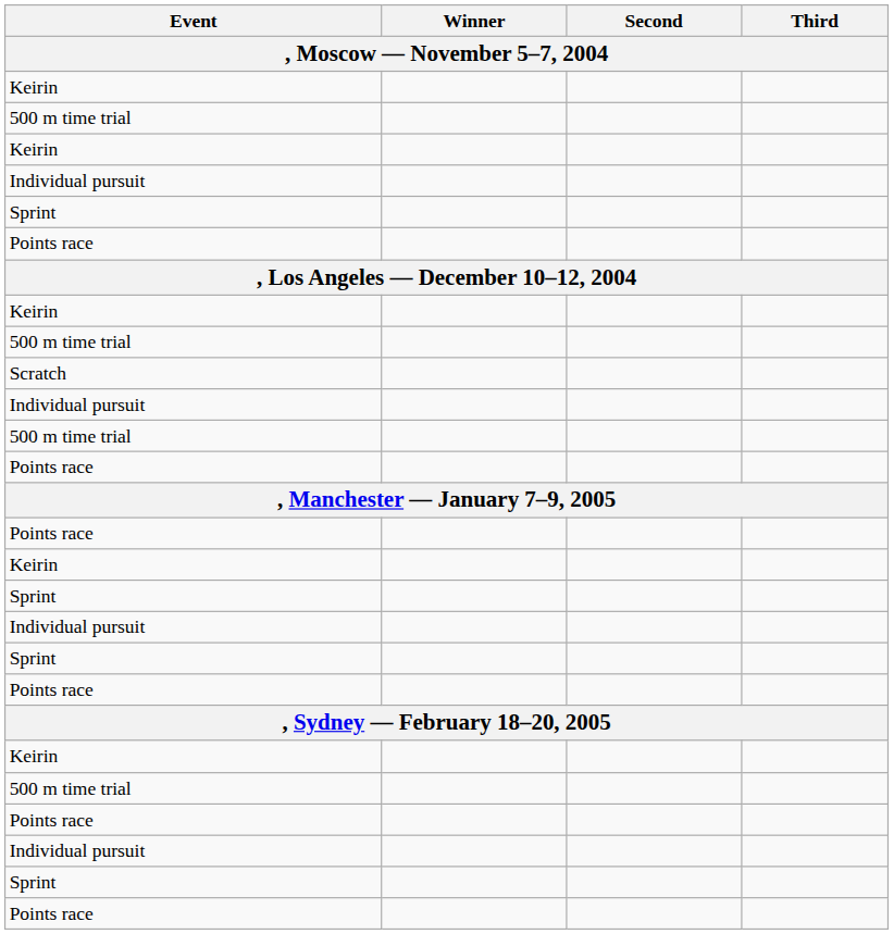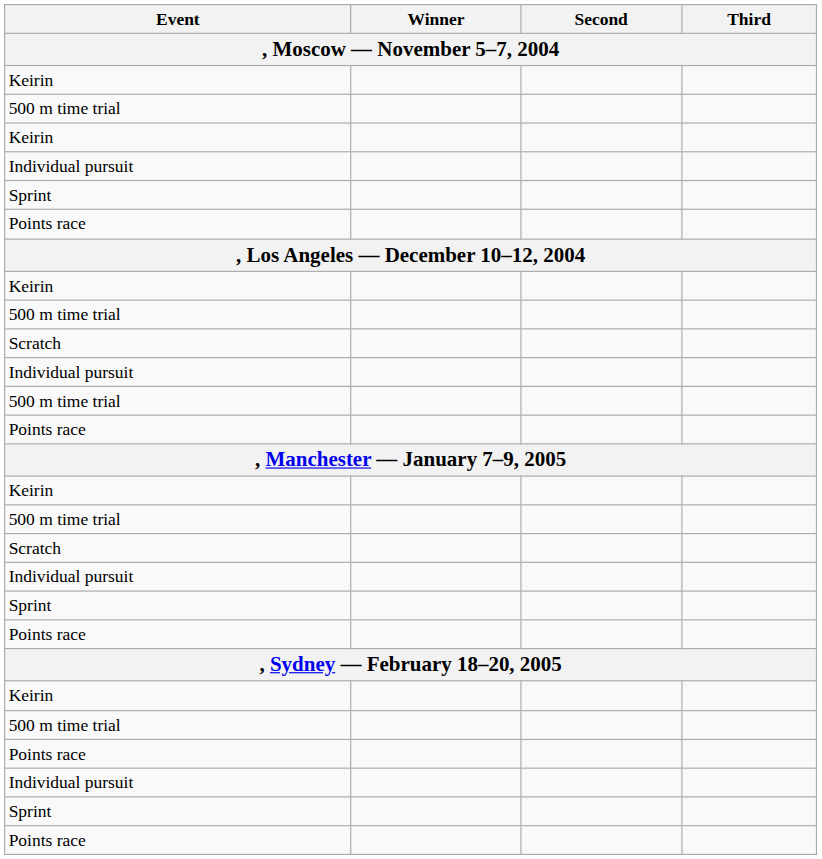 <table class=wikitable style="font-size:95%" width="80%">
 <tr>
 <th>Event</th>
 <th>Winner</th>
 <th>Second</th>
 <th>Third</th>
 </tr>
 <tr>
 <th colspan=4><big>, Moscow — November 5–7, 2004</big></th>
 </tr>
 <tr>
 <td>Keirin</td>
 <td></td>
 <td></td>
 <td></td>
 </tr>
 <tr>
 <td>500 m time trial</td>
 <td></td>
 <td></td>
 <td></td>
 </tr>
 <tr>
 <td>Keirin</td>
 <td></td>
 <td></td>
 <td></td>
 </tr>
 <tr>
 <td>Individual pursuit</td>
 <td></td>
 <td></td>
 <td></td>
 </tr>
 <tr>
 <td>Sprint</td>
 <td></td>
 <td></td>
 <td></td>
 </tr>
 <tr>
 <td>Points race</td>
 <td></td>
 <td></td>
 <td></td>
 </tr>
 <tr>
 <th colspan=4><big>, Los Angeles — December 10–12, 2004</big></th>
 </tr>
 <tr>
 <td>Keirin</td>
 <td></td>
 <td></td>
 <td></td>
 </tr>
 <tr>
 <td>500 m time trial</td>
 <td></td>
 <td></td>
 <td></td>
 </tr>
 <tr>
 <td>Scratch</td>
 <td></td>
 <td></td>
 <td></td>
 </tr>
 <tr>
 <td>Individual pursuit</td>
 <td></td>
 <td></td>
 <td></td>
 </tr>
 <tr>
 <td>500 m time trial</td>
 <td></td>
 <td></td>
 <td></td>
 </tr>
 <tr>
 <td>Points race</td>
 <td></td>
 <td></td>
 <td></td>
 </tr>
 <tr>
 <th colspan=4><big>, <a href='#'>Manchester</a> — January 7–9, 2005</big></th>
 </tr>
 <tr>
-<td>Points race</td>
-<td></td>
-<td></td>
-<td></td>
-</tr>
-<tr>
 <td>Keirin</td>
 <td></td>
 <td></td>
 <td></td>
 </tr>
 <tr>
-<td>Sprint</td>
+<td>500 m time trial</td>
+<td></td>
+<td></td>
+<td></td>
+</tr>
+<tr>
+<td>Scratch</td>
 <td></td>
 <td></td>
 <td></td>
 </tr>
 <tr>
 <td>Individual pursuit</td>
 <td></td>
 <td></td>
 <td></td>
 </tr>
 <tr>
 <td>Sprint</td>
 <td></td>
 <td></td>
 <td></td>
 </tr>
 <tr>
 <td>Points race</td>
 <td></td>
 <td></td>
 <td></td>
 </tr>
 <tr>
 <th colspan=4><big>, <a href='#'>Sydney</a> — February 18–20, 2005</big></th>
 </tr>
 <tr>
 <td>Keirin</td>
 <td></td>
 <td></td>
 <td></td>
 </tr>
 <tr>
 <td>500 m time trial</td>
 <td></td>
 <td></td>
 <td></td>
 </tr>
 <tr>
 <td>Points race</td>
 <td></td>
 <td></td>
 <td></td>
 </tr>
 <tr>
 <td>Individual pursuit</td>
 <td></td>
 <td></td>
 <td></td>
 </tr>
 <tr>
 <td>Sprint</td>
 <td></td>
 <td></td>
 <td></td>
 </tr>
 <tr>
 <td>Points race</td>
 <td></td>
 <td></td>
 <td></td>
 </tr>
 </table>
